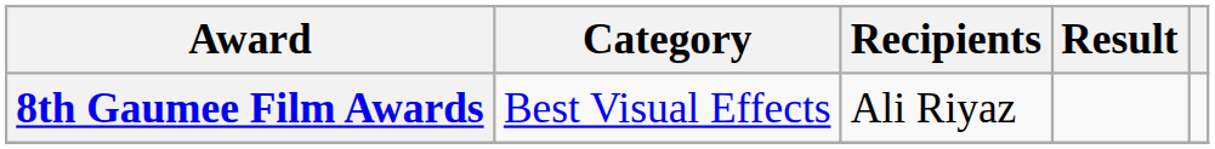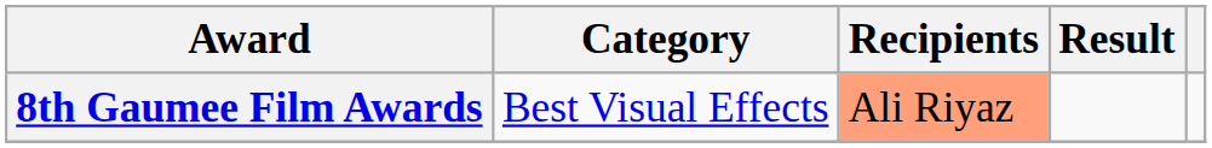 <table class="wikitable plainrowheaders sortable">
 <tr>
 <th scope="col">Award</th>
 <th scope="col">Category</th>
 <th scope="col">Recipients</th>
 <th scope="col">Result</th>
 <th scope="col" class="unsortable"></th>
 </tr>
 <tr>
 <th scope="row"><a href='#'>8th Gaumee Film Awards</a></th>
 <td><a href='#'>Best Visual Effects</a></td>
-<td>Ali Riyaz</td>
+<td style="background: lightsalmon;">Ali Riyaz</td>
 <td></td>
 <td style="text-align:center;"></td>
 </tr>
 <tr>
 </tr>
 </table>
